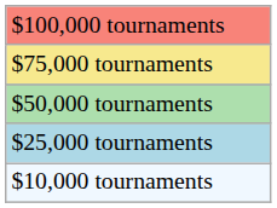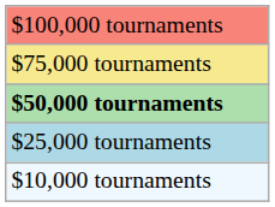 <table class="wikitable" style="font-size:85%;" width=12%>
 <tr bgcolor="#F88379">
 <td>$100,000 tournaments</td>
 </tr>
 <tr bgcolor="#F7E98E">
 <td>$75,000 tournaments</td>
 </tr>
 <tr bgcolor="#ADDFAD">
-<td>$50,000 tournaments</td>
+<td><strong>$50,000 tournaments</strong></td>
 </tr>
 <tr bgcolor=lightblue>
 <td>$25,000 tournaments</td>
 </tr>
 <tr bgcolor="#f0f8ff">
 <td>$10,000 tournaments</td>
 </tr>
 </table>
